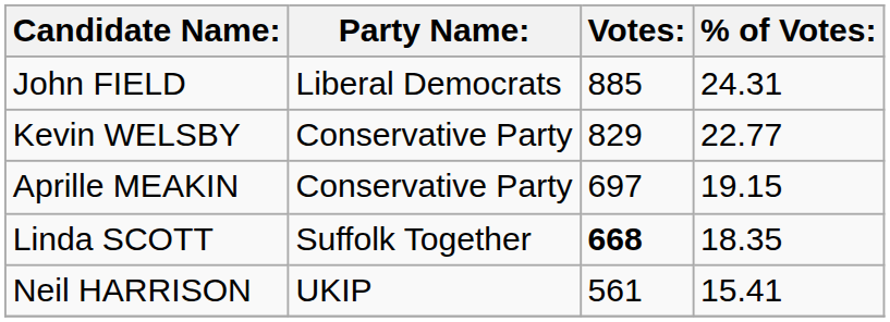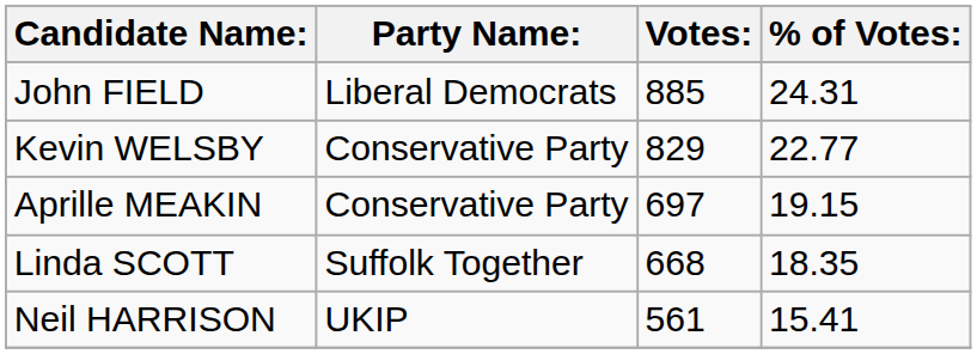 <table class="wikitable">
 <tr>
 <th>Candidate Name:</th>
 <th>Party Name:</th>
 <th>Votes:</th>
 <th>% of Votes:</th>
 </tr>
 <tr>
 <td>John FIELD</td>
 <td>Liberal Democrats</td>
 <td>885</td>
 <td>24.31</td>
 </tr>
 <tr>
 <td>Kevin WELSBY</td>
 <td>Conservative Party</td>
 <td>829</td>
 <td>22.77</td>
 </tr>
 <tr>
 <td>Aprille MEAKIN</td>
 <td>Conservative Party</td>
 <td>697</td>
 <td>19.15</td>
 </tr>
 <tr>
 <td>Linda SCOTT</td>
 <td>Suffolk Together</td>
-<td><strong>668</strong></td>
+<td>668</td>
 <td>18.35</td>
 </tr>
 <tr>
 <td>Neil HARRISON</td>
 <td>UKIP</td>
 <td>561</td>
 <td>15.41</td>
 </tr>
 <tr>
 </tr>
 </table>
